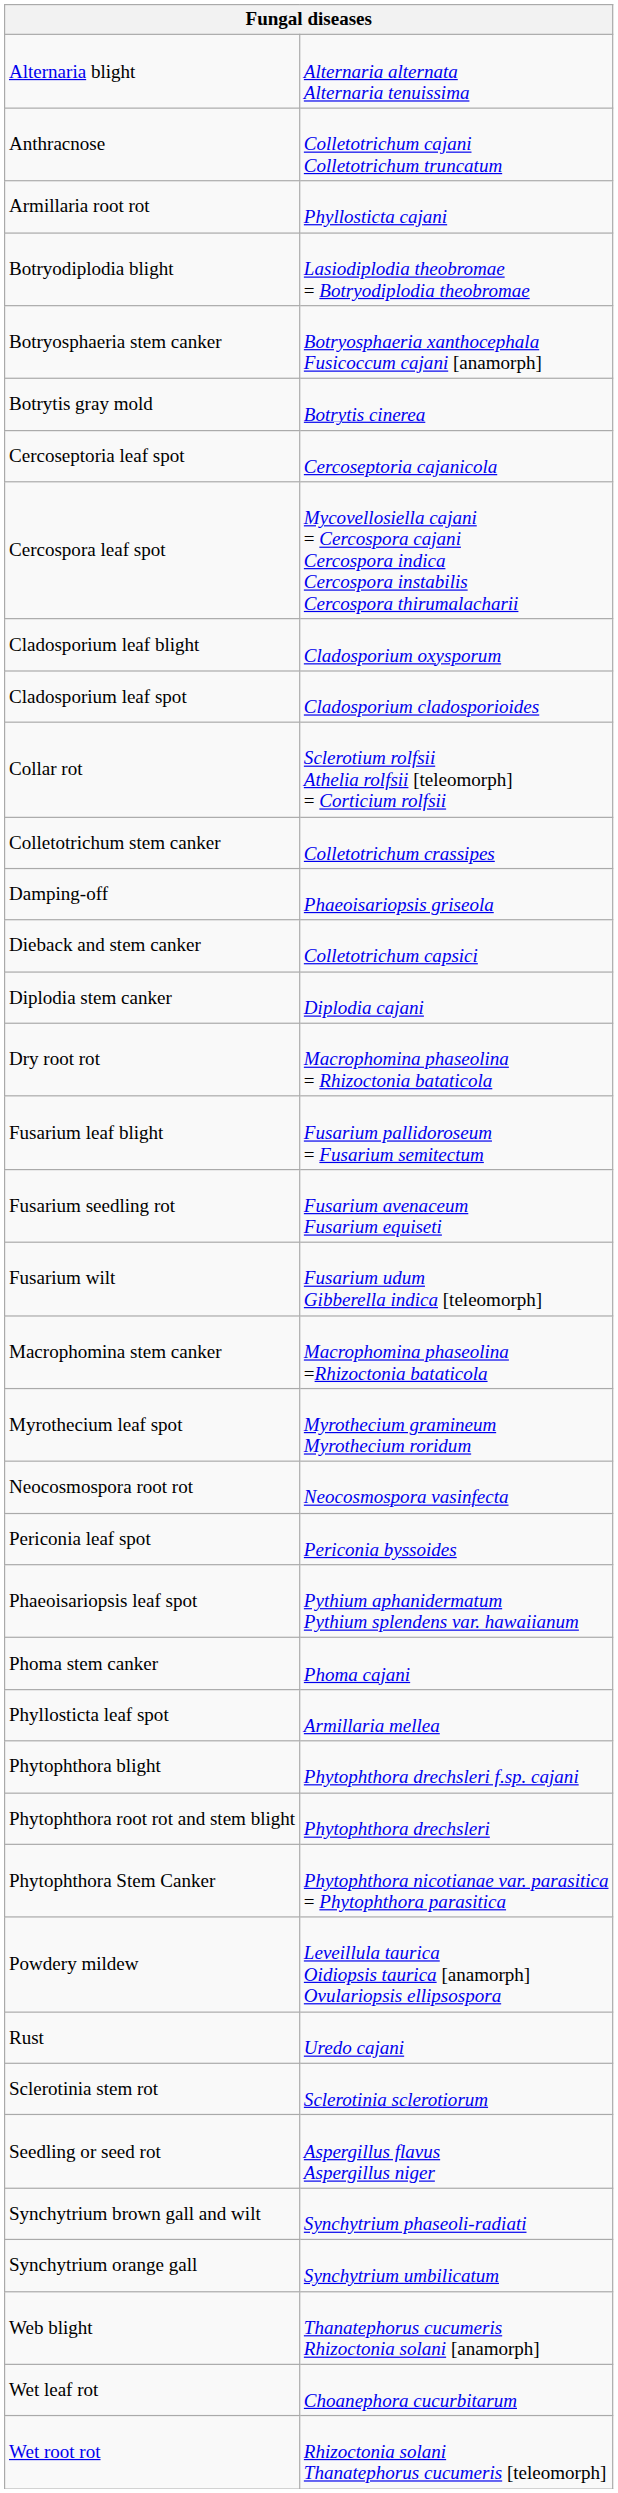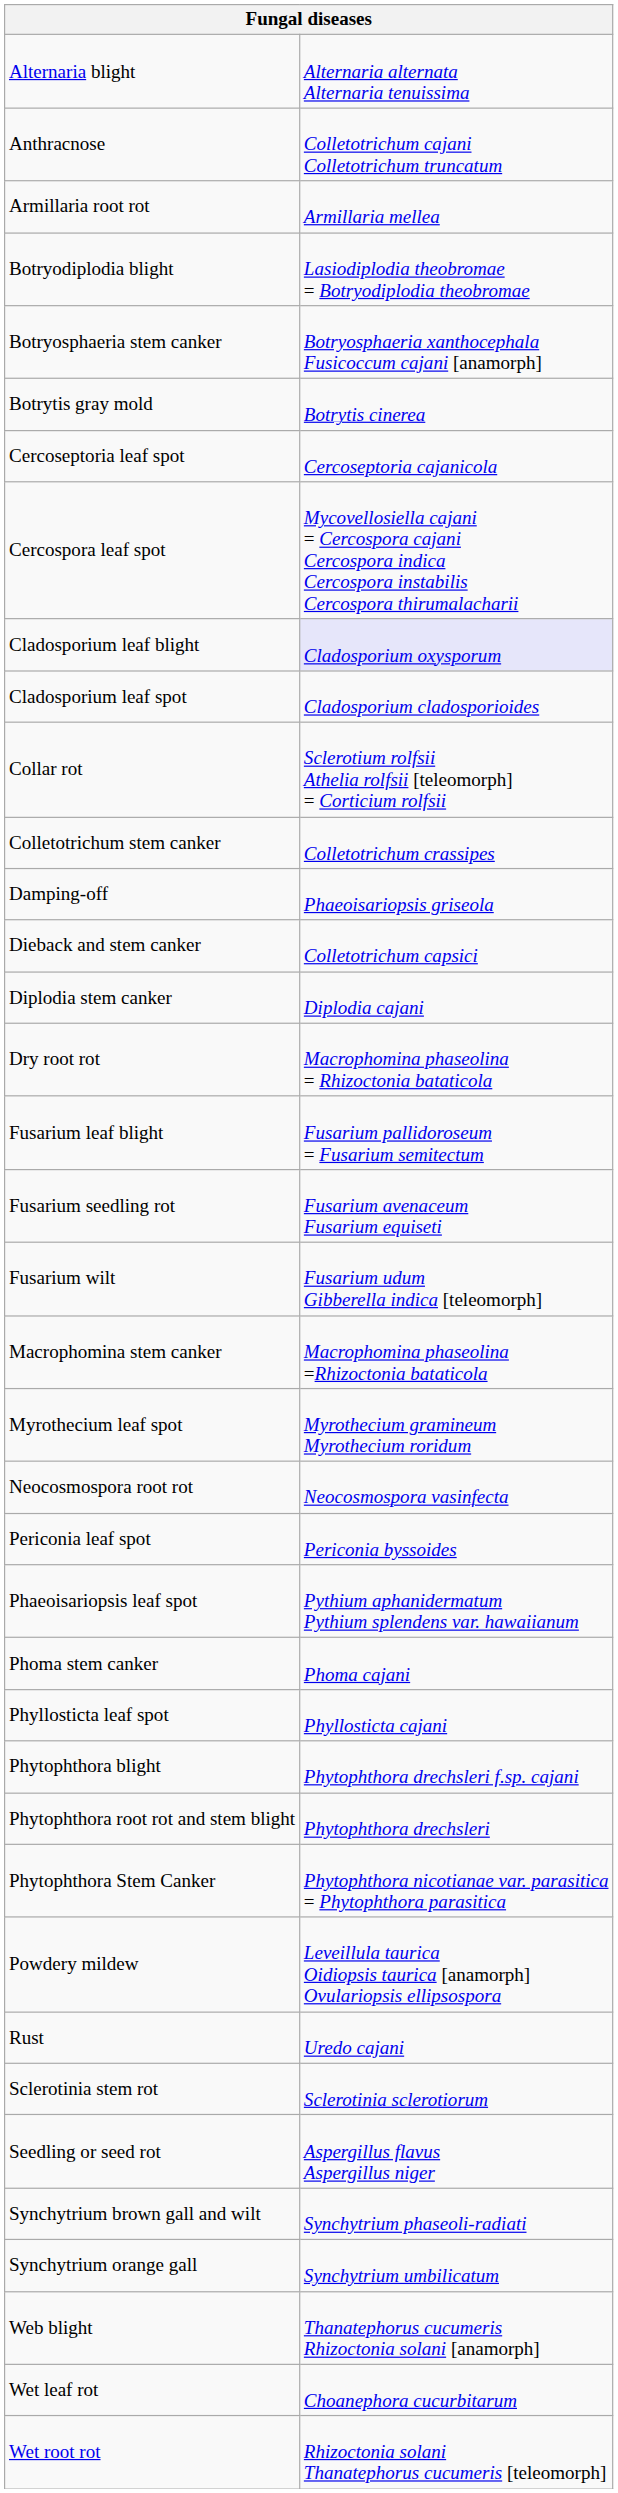 <table class="wikitable" style="clear">
 <tr>
 <th colspan=2><strong>Fungal diseases</strong><br></th>
 </tr>
 <tr>
 <td><a href='#'>Alternaria</a> blight</td>
 <td><br><em><a href='#'>Alternaria alternata</a></em><br> <em><a href='#'>Alternaria tenuissima</a></em></td>
 </tr>
 <tr>
 <td>Anthracnose</td>
 <td><br><em><a href='#'>Colletotrichum cajani</a></em><br> <em><a href='#'>Colletotrichum truncatum</a></em></td>
 </tr>
 <tr>
 <td>Armillaria root rot</td>
-<td><br><em><a href='#'>Phyllosticta cajani</a></em></td>
+<td><br><em><a href='#'>Armillaria mellea</a></em></td>
 </tr>
 <tr>
 <td>Botryodiplodia blight</td>
 <td><br><em><a href='#'>Lasiodiplodia theobromae</a></em> <br>= <em><a href='#'>Botryodiplodia theobromae</a></em></td>
 </tr>
 <tr>
 <td>Botryosphaeria stem canker</td>
 <td><br><em><a href='#'>Botryosphaeria xanthocephala</a></em><br> <em><a href='#'>Fusicoccum cajani</a></em> [anamorph]</td>
 </tr>
 <tr>
 <td>Botrytis gray mold</td>
 <td><br><em><a href='#'>Botrytis cinerea</a></em></td>
 </tr>
 <tr>
 <td>Cercoseptoria leaf spot</td>
 <td><br><em><a href='#'>Cercoseptoria cajanicola</a></em></td>
 </tr>
 <tr>
 <td>Cercospora leaf spot</td>
 <td><br><em><a href='#'>Mycovellosiella cajani</a></em><br>= <em><a href='#'>Cercospora cajani</a></em><br> <em><a href='#'>Cercospora indica</a></em><br> <em><a href='#'>Cercospora instabilis</a></em><br> <em><a href='#'>Cercospora thirumalacharii</a></em></td>
 </tr>
 <tr>
 <td>Cladosporium leaf blight</td>
-<td><br><em><a href='#'>Cladosporium oxysporum</a></em></td>
+<td style="background: lavender;"><br><em><a href='#'>Cladosporium oxysporum</a></em></td>
 </tr>
 <tr>
 <td>Cladosporium leaf spot</td>
 <td><br><em><a href='#'>Cladosporium cladosporioides</a></em></td>
 </tr>
 <tr>
 <td>Collar rot</td>
 <td><br><em><a href='#'>Sclerotium rolfsii</a></em><br> <em><a href='#'>Athelia rolfsii</a></em> [teleomorph] <br>= <em><a href='#'>Corticium rolfsii</a></em></td>
 </tr>
 <tr>
 <td>Colletotrichum stem canker</td>
 <td><br><em><a href='#'>Colletotrichum crassipes</a></em></td>
 </tr>
 <tr>
 <td>Damping-off</td>
 <td><br><em><a href='#'>Phaeoisariopsis griseola</a></em></td>
 </tr>
 <tr>
 <td>Dieback and stem canker</td>
 <td><br><em><a href='#'>Colletotrichum capsici</a></em></td>
 </tr>
 <tr>
 <td>Diplodia stem canker</td>
 <td><br><em><a href='#'>Diplodia cajani</a></em></td>
 </tr>
 <tr>
 <td>Dry root rot</td>
 <td><br><em><a href='#'>Macrophomina phaseolina</a></em> <br>= <em><a href='#'>Rhizoctonia bataticola</a></em></td>
 </tr>
 <tr>
 <td>Fusarium leaf blight</td>
 <td><br><em><a href='#'>Fusarium pallidoroseum</a></em> <br>= <em><a href='#'>Fusarium semitectum</a></em></td>
 </tr>
 <tr>
 <td>Fusarium seedling rot</td>
 <td><br><em><a href='#'>Fusarium avenaceum</a></em><br> <em><a href='#'>Fusarium equiseti</a></em></td>
 </tr>
 <tr>
 <td>Fusarium wilt</td>
 <td><br><em><a href='#'>Fusarium udum</a></em><br> <em><a href='#'>Gibberella indica</a></em> [teleomorph]</td>
 </tr>
 <tr>
 <td>Macrophomina stem canker</td>
 <td><br><em><a href='#'>Macrophomina phaseolina</a></em> <br>=<em><a href='#'>Rhizoctonia bataticola</a></em></td>
 </tr>
 <tr>
 <td>Myrothecium leaf spot</td>
 <td><br><em><a href='#'>Myrothecium gramineum</a></em><br> <em><a href='#'>Myrothecium roridum</a></em></td>
 </tr>
 <tr>
 <td>Neocosmospora root rot</td>
 <td><br><em><a href='#'>Neocosmospora vasinfecta</a></em></td>
 </tr>
 <tr>
 <td>Periconia leaf spot</td>
 <td><br><em><a href='#'>Periconia byssoides</a></em></td>
 </tr>
 <tr>
 <td>Phaeoisariopsis leaf spot</td>
 <td><br><em><a href='#'>Pythium aphanidermatum</a></em><br> <em><a href='#'>Pythium splendens var. hawaiianum</a></em></td>
 </tr>
 <tr>
 <td>Phoma stem canker</td>
 <td><br><em><a href='#'>Phoma cajani</a></em></td>
 </tr>
 <tr>
 <td>Phyllosticta leaf spot</td>
-<td><br><em><a href='#'>Armillaria mellea</a></em></td>
+<td><br><em><a href='#'>Phyllosticta cajani</a></em></td>
 </tr>
 <tr>
 <td>Phytophthora blight</td>
 <td><br><em><a href='#'>Phytophthora drechsleri f.sp. cajani</a></em></td>
 </tr>
 <tr>
 <td>Phytophthora root rot and stem blight</td>
 <td><br><em><a href='#'>Phytophthora drechsleri</a></em></td>
 </tr>
 <tr>
 <td>Phytophthora Stem Canker</td>
 <td><br><em><a href='#'>Phytophthora nicotianae var. parasitica</a></em><br> = <em><a href='#'>Phytophthora parasitica</a></em></td>
 </tr>
 <tr>
 <td>Powdery mildew</td>
 <td><br><em><a href='#'>Leveillula taurica</a></em><br> <em><a href='#'>Oidiopsis taurica</a></em> [anamorph]<br> <em><a href='#'>Ovulariopsis ellipsospora</a></em></td>
 </tr>
 <tr>
 <td>Rust</td>
 <td><br><em><a href='#'>Uredo cajani</a></em></td>
 </tr>
 <tr>
 <td>Sclerotinia stem rot</td>
 <td><br><em><a href='#'>Sclerotinia sclerotiorum</a></em></td>
 </tr>
 <tr>
 <td>Seedling or seed rot</td>
 <td><br><em><a href='#'>Aspergillus flavus</a></em><br> <em><a href='#'>Aspergillus niger</a></em></td>
 </tr>
 <tr>
 <td>Synchytrium brown gall and wilt</td>
 <td><br><em><a href='#'>Synchytrium phaseoli-radiati</a></em></td>
 </tr>
 <tr>
 <td>Synchytrium orange gall</td>
 <td><br><em><a href='#'>Synchytrium umbilicatum</a></em></td>
 </tr>
 <tr>
 <td>Web blight</td>
 <td><br><em><a href='#'>Thanatephorus cucumeris</a></em><br> <em><a href='#'>Rhizoctonia solani</a></em> [anamorph]</td>
 </tr>
 <tr>
 <td>Wet leaf rot</td>
 <td><br><em><a href='#'>Choanephora cucurbitarum</a></em></td>
 </tr>
 <tr>
 <td><a href='#'>Wet root rot</a></td>
 <td><br><em><a href='#'>Rhizoctonia solani</a></em><br> <em><a href='#'>Thanatephorus cucumeris</a></em> [teleomorph]</td>
 </tr>
 <tr>
 </tr>
 </table>
